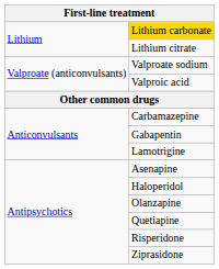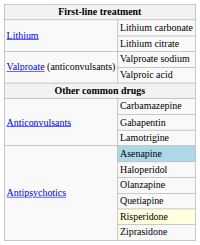 <table class="wikitable">
 <tr>
 <th colspan="2">First-line treatment</th>
 </tr>
 <tr>
 <td rowspan="2"><a href='#'>Lithium</a></td>
-<td style="background: gold;">Lithium carbonate</td>
+<td>Lithium carbonate</td>
 </tr>
 <tr>
 <td>Lithium citrate</td>
 </tr>
 <tr>
 <td rowspan="2"><a href='#'>Valproate</a> (anticonvulsants)</td>
 <td>Valproate sodium</td>
 </tr>
 <tr>
 <td>Valproic acid</td>
 </tr>
 <tr>
 <th colspan="2">Other common drugs</th>
 </tr>
 <tr>
 <td rowspan="3"><a href='#'>Anticonvulsants</a></td>
 <td>Carbamazepine</td>
 </tr>
 <tr>
 <td>Gabapentin</td>
 </tr>
 <tr>
 <td>Lamotrigine</td>
 </tr>
 <tr>
 <td rowspan="6"><a href='#'>Antipsychotics</a></td>
-<td>Asenapine</td>
+<td style="background: lightblue;">Asenapine</td>
 </tr>
 <tr>
 <td>Haloperidol</td>
 </tr>
 <tr>
 <td>Olanzapine</td>
 </tr>
 <tr>
 <td>Quetiapine</td>
 </tr>
 <tr>
-<td>Risperidone</td>
+<td style="background: lightyellow;">Risperidone</td>
 </tr>
 <tr>
 <td>Ziprasidone</td>
 </tr>
 </table>
